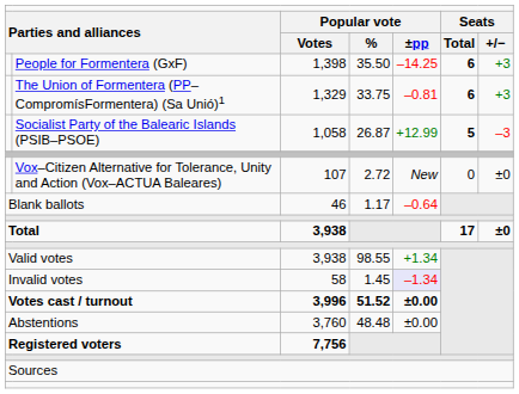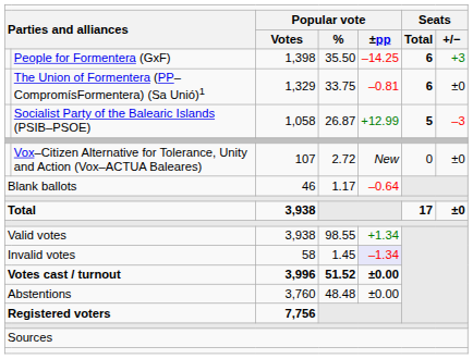 <table class="wikitable" style="text-align:right;">
 <tr>
 <td colspan="7"></td>
 </tr>
 <tr>
 <th style="text-align:left;" rowspan="2" colspan="2" width="525">Parties and alliances</th>
 <th colspan="3">Popular vote</th>
 <th colspan="2">Seats</th>
 </tr>
 <tr>
 <th width="75">Votes</th>
 <th width="45">%</th>
 <th width="45">±<a href='#'>pp</a></th>
 <th width="35">Total</th>
 <th width="35">+/−</th>
 </tr>
 <tr>
 <td width="1" style="color:inherit;background:"></td>
 <td align="left"><a href='#'>People for Formentera</a> (GxF)</td>
 <td>1,398</td>
 <td>35.50</td>
 <td style="color:red;">–14.25</td>
 <td><strong>6</strong></td>
 <td style="color:green;">+3</td>
 </tr>
 <tr>
 <td style="color:inherit;background:"></td>
 <td align="left"><a href='#'>The Union of Formentera</a> (<a href='#'>PP</a>–CompromísFormentera) (Sa Unió)<sup>1</sup></td>
 <td>1,329</td>
 <td>33.75</td>
 <td style="color:red;">–0.81</td>
 <td><strong>6</strong></td>
-<td style="color:green;">+3</td>
+<td>±0</td>
 </tr>
 <tr>
 <td style="color:inherit;background:"></td>
 <td align="left"><a href='#'>Socialist Party of the Balearic Islands</a> (PSIB–PSOE)</td>
 <td>1,058</td>
 <td>26.87</td>
 <td style="color:green;">+12.99</td>
 <td><strong>5</strong></td>
 <td style="color:red;">–3</td>
 </tr>
 <tr>
 <td colspan="7" bgcolor="#C0C0C0"></td>
 </tr>
 <tr>
 <td style="color:inherit;background:"></td>
 <td align="left"><a href='#'>Vox</a>–Citizen Alternative for Tolerance, Unity and Action (Vox–ACTUA Baleares)</td>
 <td>107</td>
 <td>2.72</td>
 <td><em>New</em></td>
 <td>0</td>
 <td>±0</td>
 </tr>
 <tr>
 <td align="left" colspan="2">Blank ballots</td>
 <td>46</td>
 <td>1.17</td>
 <td style="color:red;">–0.64</td>
 <td bgcolor="#E9E9E9" colspan="2"></td>
 </tr>
 <tr>
 <td colspan="7" bgcolor="#E9E9E9"></td>
 </tr>
 <tr style="font-weight:bold;">
 <td align="left" colspan="2">Total</td>
 <td>3,938</td>
 <td bgcolor="#E9E9E9" colspan="2"></td>
 <td>17</td>
 <td>±0</td>
 </tr>
 <tr>
 <td colspan="7" bgcolor="#E9E9E9"></td>
 </tr>
 <tr>
 <td align="left" colspan="2">Valid votes</td>
 <td>3,938</td>
 <td>98.55</td>
 <td style="color:green;">+1.34</td>
 <td bgcolor="#E9E9E9" colspan="2" rowspan="5"></td>
 </tr>
 <tr>
 <td align="left" colspan="2">Invalid votes</td>
 <td>58</td>
 <td>1.45</td>
 <td style="background: lavender; color:red;">–1.34</td>
 </tr>
 <tr style="font-weight:bold;">
 <td align="left" colspan="2">Votes cast / turnout</td>
 <td>3,996</td>
 <td>51.52</td>
 <td>±0.00</td>
 </tr>
 <tr>
 <td align="left" colspan="2">Abstentions</td>
 <td>3,760</td>
 <td>48.48</td>
 <td>±0.00</td>
 </tr>
 <tr style="font-weight:bold;">
 <td align="left" colspan="2">Registered voters</td>
 <td>7,756</td>
 <td bgcolor="#E9E9E9" colspan="2"></td>
 </tr>
 <tr>
 <td colspan="7" bgcolor="#E9E9E9"></td>
 </tr>
 <tr>
 <td align="left" colspan="7">Sources</td>
 </tr>
 <tr>
 <td colspan="7" style="text-align:left; max-width:790px;"></td>
 </tr>
 </table>
